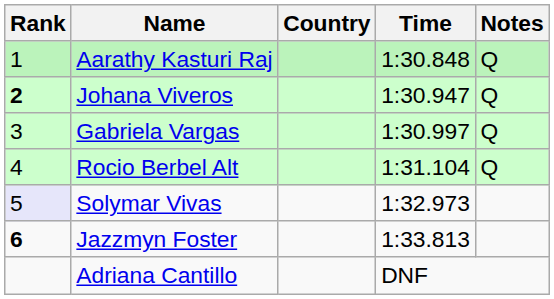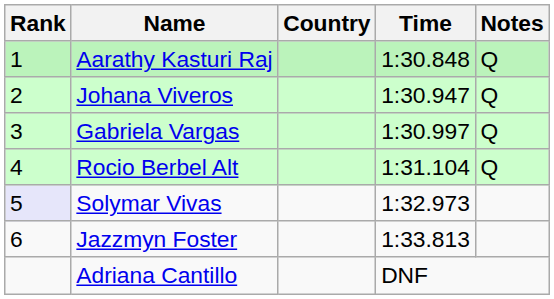 <table class="wikitable" style="font-size:95%" style="text-align:center; width:35em;">
 <tr>
 <th>Rank</th>
 <th>Name</th>
 <th>Country</th>
 <th>Time</th>
 <th>Notes</th>
 </tr>
 <tr bgcolor=bbf3bb>
 <td>1</td>
 <td align=left><a href='#'>Aarathy Kasturi Raj</a></td>
 <td align=left></td>
 <td>1:30.848</td>
 <td>Q</td>
 </tr>
 <tr bgcolor=ccffcc>
-<td><strong>2</strong></td>
+<td>2</td>
 <td align=left><a href='#'>Johana Viveros</a></td>
 <td align=left></td>
 <td>1:30.947</td>
 <td>Q</td>
 </tr>
 <tr bgcolor=ccffcc>
 <td>3</td>
 <td align=left><a href='#'>Gabriela Vargas</a></td>
 <td align=left></td>
 <td>1:30.997</td>
 <td>Q</td>
 </tr>
 <tr bgcolor=ccffcc>
 <td>4</td>
 <td align=left><a href='#'>Rocio Berbel Alt</a></td>
 <td align=left></td>
 <td>1:31.104</td>
 <td>Q</td>
 </tr>
 <tr>
 <td style="background: lavender;">5</td>
 <td align=left><a href='#'>Solymar Vivas</a></td>
 <td align=left></td>
 <td>1:32.973</td>
 <td></td>
 </tr>
 <tr>
-<td><strong>6</strong></td>
+<td>6</td>
 <td align=left><a href='#'>Jazzmyn Foster</a></td>
 <td align=left></td>
 <td>1:33.813</td>
 <td></td>
 </tr>
 <tr>
 <td></td>
 <td align=left><a href='#'>Adriana Cantillo</a></td>
 <td align=left></td>
 <td colspan=2>DNF</td>
 </tr>
 </table>
